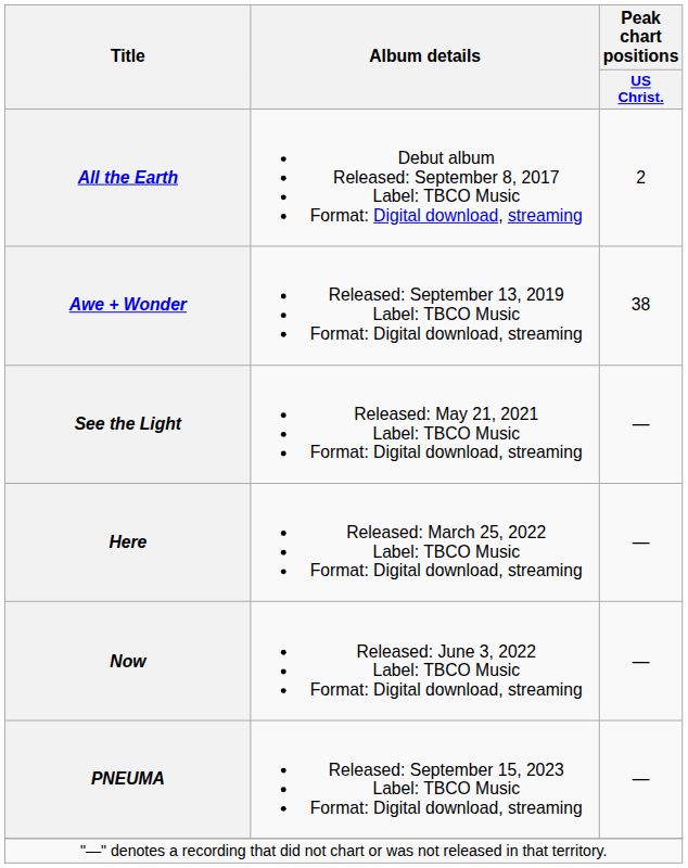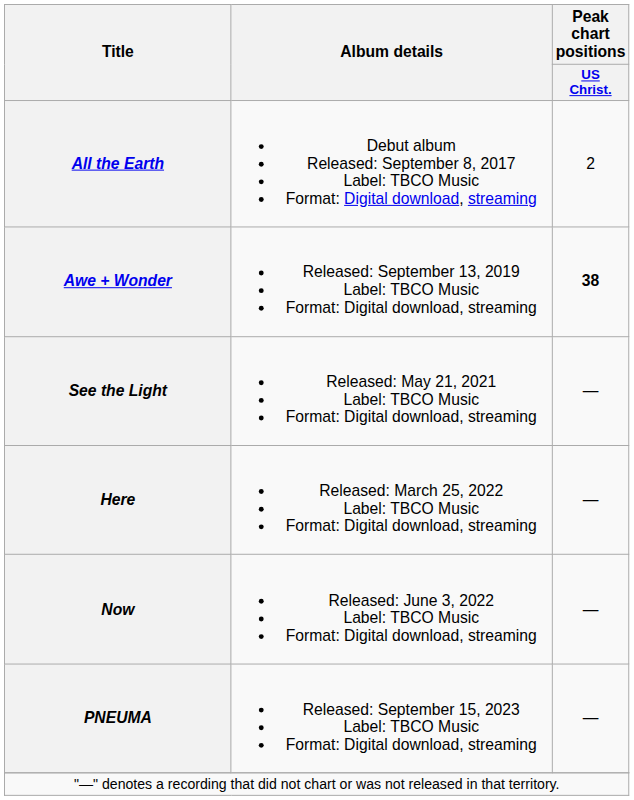 <table class="wikitable plainrowheaders" style="text-align:center;">
 <tr>
 <th scope="col" rowspan="2" style="width:14em;">Title</th>
 <th scope="col" rowspan="2" style="width:20em;">Album details</th>
 <th scope="col" colspan="1">Peak chart positions</th>
 </tr>
 <tr>
 <th scope="col" style="width:3em;font-size:85%;"><a href='#'>US<br>Christ.</a><br></th>
 </tr>
 <tr>
 <th scope="row"><em><a href='#'>All the Earth</a></em></th>
 <td><br><ul><li>Debut album</li><li>Released: September 8, 2017</li><li>Label: TBCO Music</li><li>Format: <a href='#'>Digital download</a>, <a href='#'>streaming</a></li></ul></td>
 <td>2</td>
 </tr>
 <tr>
 <th scope="row"><em><a href='#'>Awe + Wonder</a></em></th>
 <td><br><ul><li>Released: September 13, 2019</li><li>Label: TBCO Music</li><li>Format: Digital download, streaming</li></ul></td>
-<td>38</td>
+<td><strong>38</strong></td>
 </tr>
 <tr>
 <th scope="row"><em>See the Light</em></th>
 <td><br><ul><li>Released: May 21, 2021</li><li>Label: TBCO Music</li><li>Format: Digital download, streaming</li></ul></td>
 <td>—</td>
 </tr>
 <tr>
 <th scope="row"><em>Here</em></th>
 <td><br><ul><li>Released: March 25, 2022</li><li>Label: TBCO Music</li><li>Format: Digital download, streaming</li></ul></td>
 <td>—</td>
 </tr>
 <tr>
 <th scope="row"><em>Now</em></th>
 <td><br><ul><li>Released: June 3, 2022</li><li>Label: TBCO Music</li><li>Format: Digital download, streaming</li></ul></td>
 <td>—</td>
 </tr>
 <tr>
 <th scope="row"><em>PNEUMA</em></th>
 <td><br><ul><li>Released: September 15, 2023</li><li>Label: TBCO Music</li><li>Format: Digital download, streaming</li></ul></td>
 <td>—</td>
 </tr>
 <tr>
 </tr>
 <tr>
 <td colspan="3" style="font-size:90%">"—" denotes a recording that did not chart or was not released in that territory.</td>
 </tr>
 </table>
